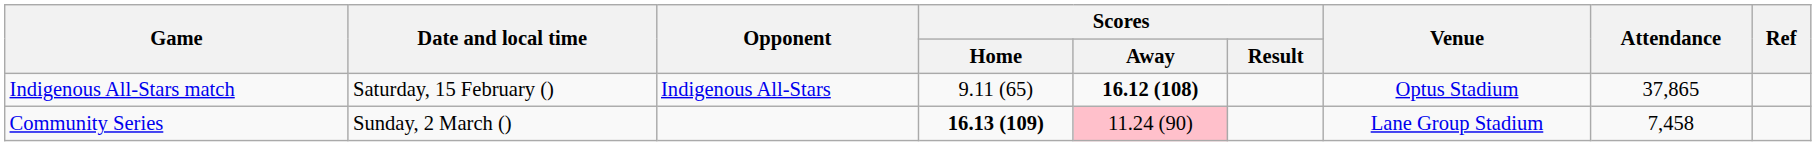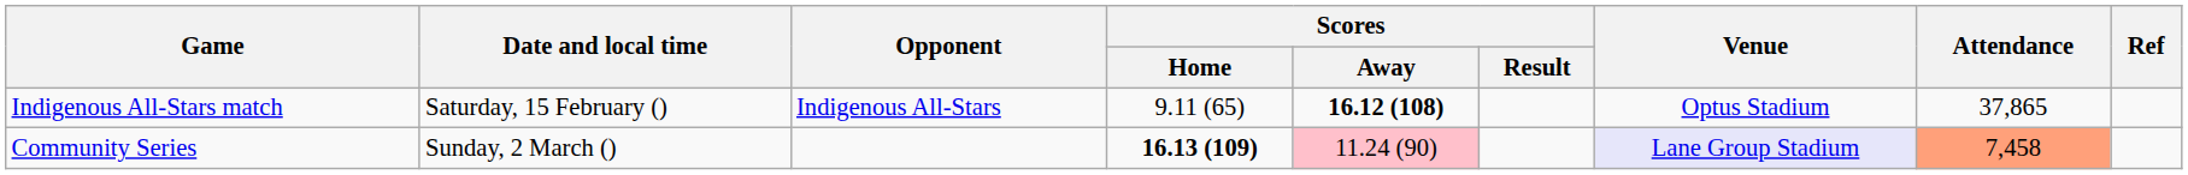 <table class="wikitable plainrowheaders" style="font-size:90%; width:100%; text-align:center;">
 <tr>
 <th rowspan="2" scope="col">Game</th>
 <th rowspan="2" scope="col">Date and local time</th>
 <th rowspan="2" scope="col">Opponent</th>
 <th colspan="3" scope="col">Scores</th>
 <th rowspan="2" scope="col">Venue</th>
 <th rowspan="2" scope="col">Attendance</th>
 <th rowspan="2" scope="col">Ref</th>
 </tr>
 <tr>
 <th scope="col">Home</th>
 <th scope="col">Away</th>
 <th scope="col">Result</th>
 </tr>
 <tr>
 <td align="left"><a href='#'>Indigenous All-Stars match</a></td>
 <td align="left">Saturday, 15 February ()</td>
 <td align="left"><a href='#'>Indigenous All-Stars</a></td>
 <td>9.11 (65)</td>
 <td><strong>16.12 (108)</strong></td>
 <td></td>
 <td><a href='#'>Optus Stadium</a></td>
 <td>37,865</td>
 <td></td>
 </tr>
 <tr>
 <td align="left"><a href='#'>Community Series</a></td>
 <td align="left">Sunday, 2 March ()</td>
 <td align="left"></td>
 <td><strong>16.13 (109)</strong></td>
 <td style="background: pink;">11.24 (90)</td>
 <td></td>
-<td><a href='#'>Lane Group Stadium</a></td>
-<td>7,458</td>
+<td style="background: lavender;"><a href='#'>Lane Group Stadium</a></td>
+<td style="background: lightsalmon;">7,458</td>
 <td></td>
 </tr>
 </table>
